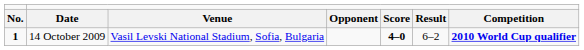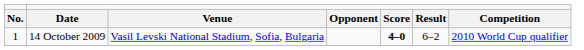 <table class="wikitable sortable">
 <tr>
 <td></td>
 </tr>
 <tr>
 <th scope="col">No.</th>
 <th scope="col">Date</th>
 <th scope="col">Venue</th>
 <th scope="col">Opponent</th>
 <th scope="col">Score</th>
 <th scope="col">Result</th>
 <th scope="col">Competition</th>
 </tr>
 <tr>
-<td align="center"><strong>1</strong></td>
+<td align="center">1</td>
 <td>14 October 2009</td>
 <td><a href='#'>Vasil Levski National Stadium</a>, <a href='#'>Sofia</a>, <a href='#'>Bulgaria</a></td>
 <td></td>
 <td align="center"><strong>4–0</strong></td>
 <td align="center">6–2</td>
-<td><strong><a href='#'>2010 World Cup qualifier</a></strong></td>
+<td><a href='#'>2010 World Cup qualifier</a></td>
 </tr>
 </table>
